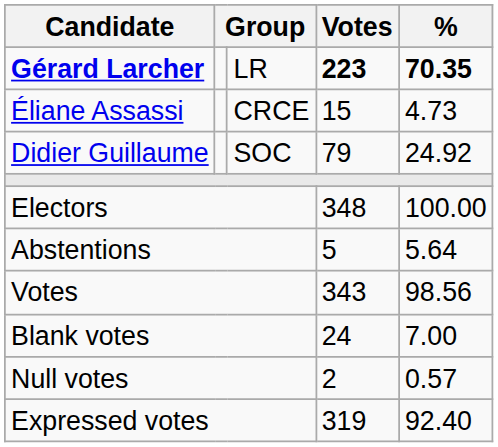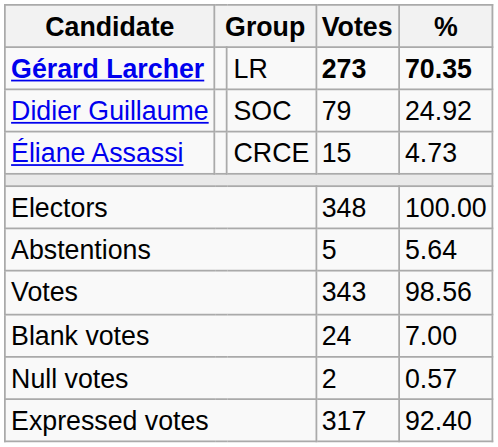 <table class="wikitable" style="font-size:95%;">
 <tr style="background-color:#E9E9E9;text-align:center;">
 <th>Candidate</th>
 <th colspan="2">Group</th>
 <th>Votes</th>
 <th>%</th>
 </tr>
 <tr>
 <td style="text-align:left;"><strong><a href='#'>Gérard Larcher</a></strong></td>
 <td style="background-color:"></td>
 <td>LR</td>
-<td><strong>223</strong></td>
+<td><strong>273</strong></td>
 <td><strong>70.35</strong></td>
+</tr>
+<tr>
+<td style="text-align:left;"><a href='#'>Didier Guillaume</a></td>
+<td style="background-color:"></td>
+<td>SOC</td>
+<td>79</td>
+<td>24.92</td>
 </tr>
 <tr>
 <td style="text-align:left;"><a href='#'>Éliane Assassi</a></td>
 <td style="background-color:"></td>
 <td>CRCE</td>
 <td>15</td>
 <td>4.73</td>
-</tr>
-<tr>
-<td style="text-align:left;"><a href='#'>Didier Guillaume</a></td>
-<td style="background-color:"></td>
-<td>SOC</td>
-<td>79</td>
-<td>24.92</td>
 </tr>
 <tr>
 <td style="background-color:#E9E9E9;" colspan="5"></td>
 </tr>
 <tr>
 <td style="text-align:left;" colspan="3">Electors</td>
 <td>348</td>
 <td>100.00</td>
 </tr>
 <tr>
 <td style="text-align:left;" colspan="3">Abstentions</td>
 <td>5</td>
 <td>5.64</td>
 </tr>
 <tr>
 <td style="text-align:left;" colspan="3">Votes</td>
 <td>343</td>
 <td>98.56</td>
 </tr>
 <tr>
 <td style="text-align:left;" colspan="3">Blank votes</td>
 <td>24</td>
 <td>7.00</td>
 </tr>
 <tr>
 <td style="text-align:left;" colspan="3">Null votes</td>
 <td>2</td>
 <td>0.57</td>
 </tr>
 <tr>
 <td style="text-align:left;" colspan="3">Expressed votes</td>
-<td>319</td>
+<td>317</td>
 <td>92.40</td>
 </tr>
 </table>
